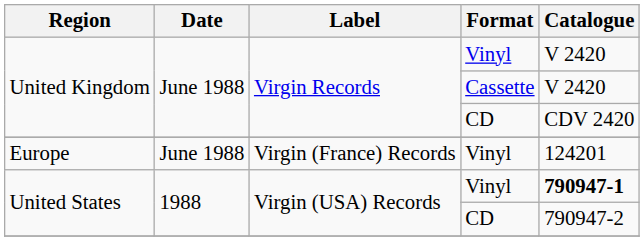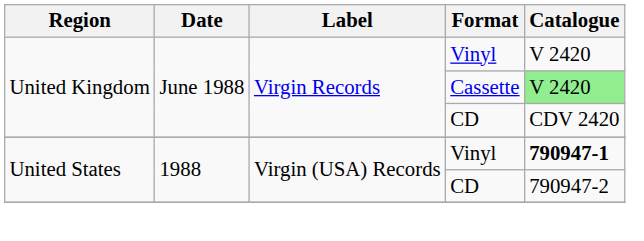 <table class="wikitable">
 <tr>
 <th>Region</th>
 <th>Date</th>
 <th>Label</th>
 <th>Format</th>
 <th>Catalogue</th>
 </tr>
 <tr>
 <td rowspan="3">United Kingdom</td>
 <td rowspan="3">June 1988</td>
 <td rowspan="3"><a href='#'>Virgin Records</a></td>
 <td><a href='#'>Vinyl</a></td>
 <td>V 2420</td>
 </tr>
 <tr>
 <td><a href='#'>Cassette</a></td>
-<td>V 2420</td>
+<td style="background: lightgreen;">V 2420</td>
 </tr>
 <tr>
 <td>CD</td>
 <td>CDV 2420</td>
 </tr>
 <tr>
-</tr>
-<tr>
-<td>Europe</td>
-<td>June 1988</td>
-<td>Virgin (France) Records</td>
-<td>Vinyl</td>
-<td>124201</td>
 </tr>
 <tr>
 <td rowspan="2">United States</td>
 <td rowspan="2">1988</td>
 <td rowspan="2">Virgin (USA) Records</td>
 <td>Vinyl</td>
 <td><strong>790947-1</strong></td>
 </tr>
 <tr>
 <td>CD</td>
 <td>790947-2</td>
 </tr>
 <tr>
 </tr>
 </table>
